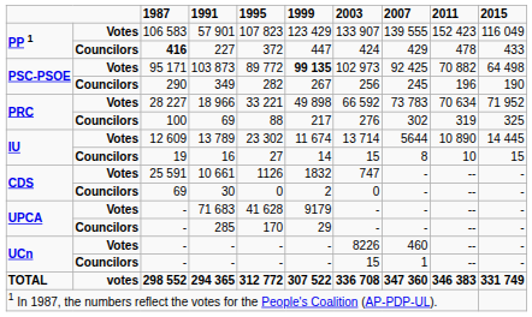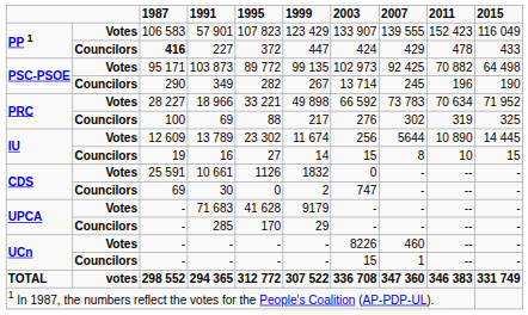 <table style="align:center; background: #f9f9f9; border: 1px #aaa solid; border-collapse: collapse; font-size: 85%" cellspacing="2" cellpadding="2" border="1" align="right">
 <tr>
 <td colspan="2"></td>
 <td><strong>1987</strong></td>
 <td><strong>1991</strong></td>
 <td><strong>1995</strong></td>
 <td><strong>1999</strong></td>
 <td><strong>2003</strong></td>
 <td><strong>2007</strong></td>
 <td><strong>2011</strong></td>
 <td><strong>2015</strong></td>
 </tr>
 <tr align="right">
 <td rowspan="2" align="left"><strong><a href='#'>PP</a> <sup>1</sup></strong></td>
 <td><strong>Votes</strong></td>
 <td>106 583</td>
 <td>57 901</td>
 <td>107 823</td>
 <td>123 429</td>
 <td>133 907</td>
 <td>139 555</td>
 <td>152 423</td>
 <td>116 049</td>
 </tr>
 <tr align="right">
 <td><strong>Councilors</strong></td>
 <td><strong>416</strong></td>
 <td>227</td>
 <td>372</td>
 <td>447</td>
 <td>424</td>
 <td>429</td>
 <td>478</td>
 <td>433</td>
 </tr>
 <tr align="right">
 <td rowspan="2" align="left"><strong><a href='#'>PSC-PSOE</a></strong></td>
 <td><strong>Votes</strong></td>
 <td>95 171</td>
 <td>103 873</td>
 <td>89 772</td>
-<td><strong>99 135</strong></td>
+<td>99 135</td>
 <td>102 973</td>
 <td>92 425</td>
 <td>70 882</td>
 <td>64 498</td>
 </tr>
 <tr align="right">
 <td><strong>Councilors</strong></td>
 <td>290</td>
 <td>349</td>
 <td>282</td>
 <td>267</td>
-<td>256</td>
+<td>13 714</td>
 <td>245</td>
 <td>196</td>
 <td>190</td>
 </tr>
 <tr align="right">
 <td rowspan="2" align="left"><strong><a href='#'>PRC</a></strong></td>
 <td><strong>Votes</strong></td>
 <td>28 227</td>
 <td>18 966</td>
 <td>33 221</td>
 <td>49 898</td>
 <td>66 592</td>
 <td>73 783</td>
 <td>70 634</td>
 <td>71 952</td>
 </tr>
 <tr align="right">
 <td><strong>Councilors</strong></td>
 <td>100</td>
 <td>69</td>
 <td>88</td>
 <td>217</td>
 <td>276</td>
 <td>302</td>
 <td>319</td>
 <td>325</td>
 </tr>
 <tr align="right">
 <td rowspan="2" align="left"><strong><a href='#'>IU</a></strong></td>
 <td><strong>Votes</strong></td>
 <td>12 609</td>
 <td>13 789</td>
 <td>23 302</td>
 <td>11 674</td>
-<td>13 714</td>
+<td>256</td>
 <td>5644</td>
 <td>10 890</td>
 <td>14 445</td>
 </tr>
 <tr align="right">
 <td><strong>Councilors</strong></td>
 <td>19</td>
 <td>16</td>
 <td>27</td>
 <td>14</td>
 <td>15</td>
 <td>8</td>
 <td>10</td>
 <td>15</td>
 </tr>
 <tr align="right">
 <td rowspan="2" align="left"><strong><a href='#'>CDS</a></strong></td>
 <td><strong>Votes</strong></td>
 <td>25 591</td>
 <td>10 661</td>
 <td>1126</td>
 <td>1832</td>
-<td>747</td>
+<td>0</td>
 <td>-</td>
 <td>--</td>
 <td>-</td>
 </tr>
 <tr align="right">
 <td><strong>Councilors</strong></td>
 <td>69</td>
 <td>30</td>
 <td>0</td>
 <td>2</td>
-<td>0</td>
+<td>747</td>
 <td>-</td>
 <td>--</td>
 <td>-</td>
 </tr>
 <tr align="right">
 <td rowspan="2" align="left"><strong><a href='#'>UPCA</a></strong></td>
 <td><strong>Votes</strong></td>
 <td>-</td>
 <td>71 683</td>
 <td>41 628</td>
 <td>9179</td>
 <td>-</td>
 <td>-</td>
 <td>--</td>
 <td>-</td>
 </tr>
 <tr align="right">
 <td><strong>Councilors</strong></td>
 <td>-</td>
 <td>285</td>
 <td>170</td>
 <td>29</td>
 <td>-</td>
 <td>-</td>
 <td>--</td>
 <td>-</td>
 </tr>
 <tr align="right">
 <td rowspan="2" align="left"><strong><a href='#'>UCn</a></strong></td>
 <td><strong>Votes</strong></td>
 <td>-</td>
 <td>-</td>
 <td>-</td>
 <td>-</td>
 <td>8226</td>
 <td>460</td>
 <td>--</td>
 <td>-</td>
 </tr>
 <tr align="right">
 <td><strong>Councilors</strong></td>
 <td>-</td>
 <td>-</td>
 <td>-</td>
 <td>-</td>
 <td>15</td>
 <td>1</td>
 <td>--</td>
 <td>-</td>
 </tr>
 <tr style="font-weight:bold;" align="right">
 <td align="left"><strong>TOTAL</strong></td>
 <td><strong>votes</strong></td>
 <td>298 552</td>
 <td>294 365</td>
 <td>312 772</td>
 <td>307 522</td>
 <td>336 708</td>
 <td>347 360</td>
 <td>346 383</td>
 <td>331 749</td>
 </tr>
 <tr>
 <td colspan="9"><sup>1</sup> In 1987, the numbers reflect the votes for the <a href='#'>People's Coalition</a> (<a href='#'>AP-PDP-UL</a>).</td>
 </tr>
 </table>
